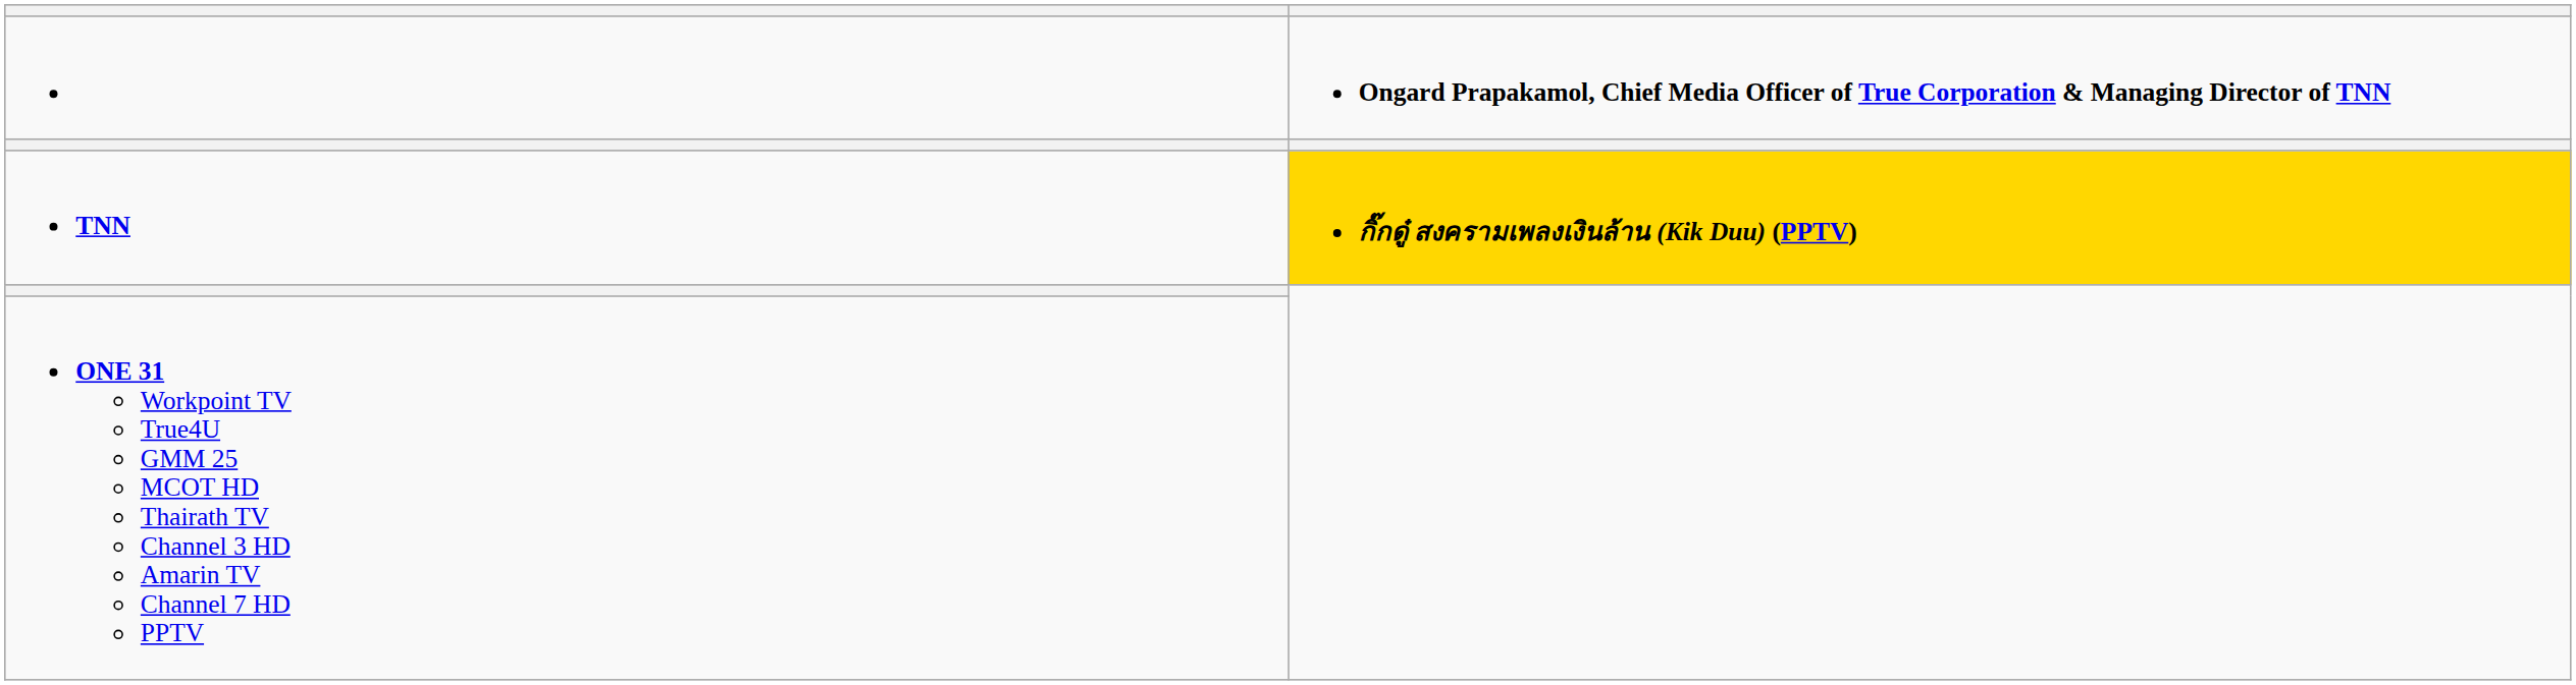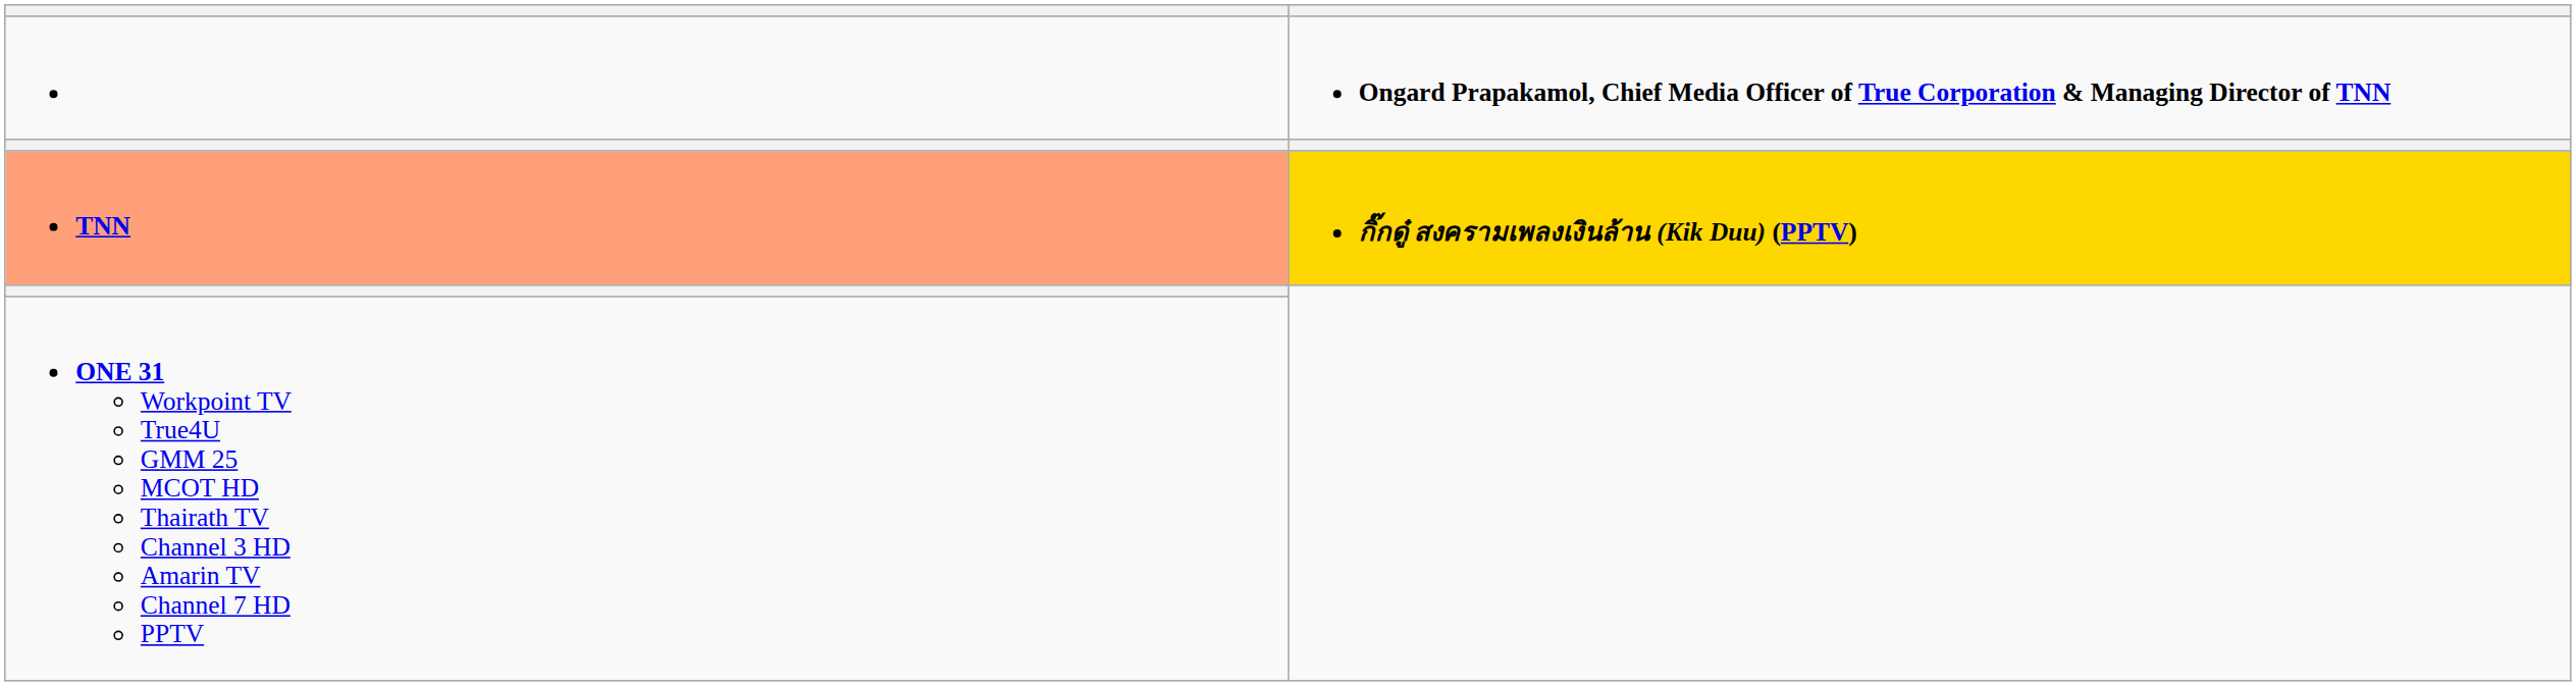 <table class=wikitable width="100%">
 <tr>
 <th></th>
 <th></th>
 </tr>
 <tr>
 <td valign="top" width="50%"><br><ul><li><strong></strong></li></ul></td>
 <td valign="top" width="50%"><br><ul><li><strong>Ongard Prapakamol, Chief Media Officer of <a href='#'>True Corporation</a> & Managing Director of <a href='#'>TNN</a></strong></li></ul></td>
 </tr>
 <tr>
 <th></th>
 <th></th>
 </tr>
 <tr>
-<td valign="top" width="50%"><br><ul><li><strong><a href='#'>TNN</a></strong></li></ul></td>
+<td valign="top" width="50%" style="background: lightsalmon;"><br><ul><li><strong><a href='#'>TNN</a></strong></li></ul></td>
 <td valign="top" width="50%" style="background: gold;"><br><ul><li><strong><em>กิ๊กดู๋ สงครามเพลงเงินล้าน (Kik Duu)</em></strong> <strong>(<a href='#'>PPTV</a>)</strong></li></ul></td>
 </tr>
 <tr>
 <th></th>
 </tr>
 <tr>
 <td valign="top" width="50%"><br><ul><li><strong><a href='#'>ONE 31</a></strong><ul><li><a href='#'>Workpoint TV</a></li><li><a href='#'>True4U</a></li><li><a href='#'>GMM 25</a></li><li><a href='#'>MCOT HD</a></li><li><a href='#'>Thairath TV</a></li><li><a href='#'>Channel 3 HD</a></li><li><a href='#'>Amarin TV</a></li><li><a href='#'>Channel 7 HD</a></li><li><a href='#'>PPTV</a></li></ul></li></ul></td>
 </tr>
 </table>
